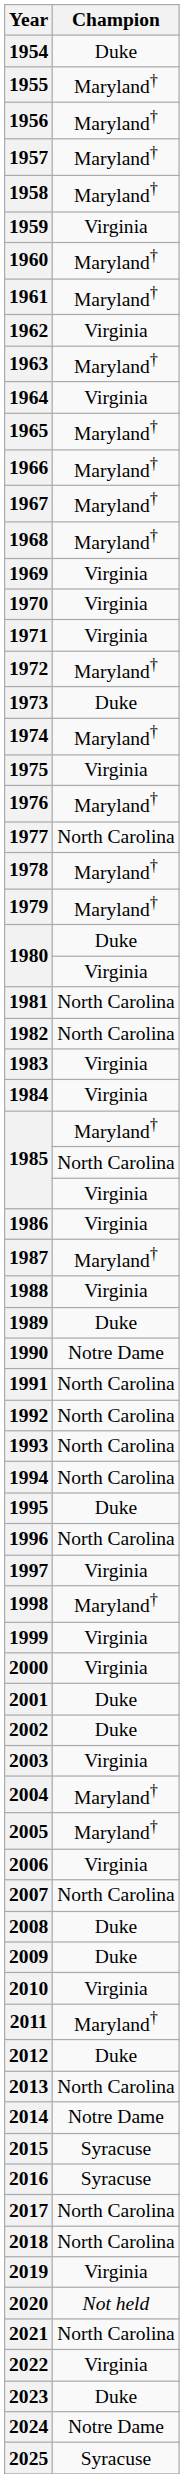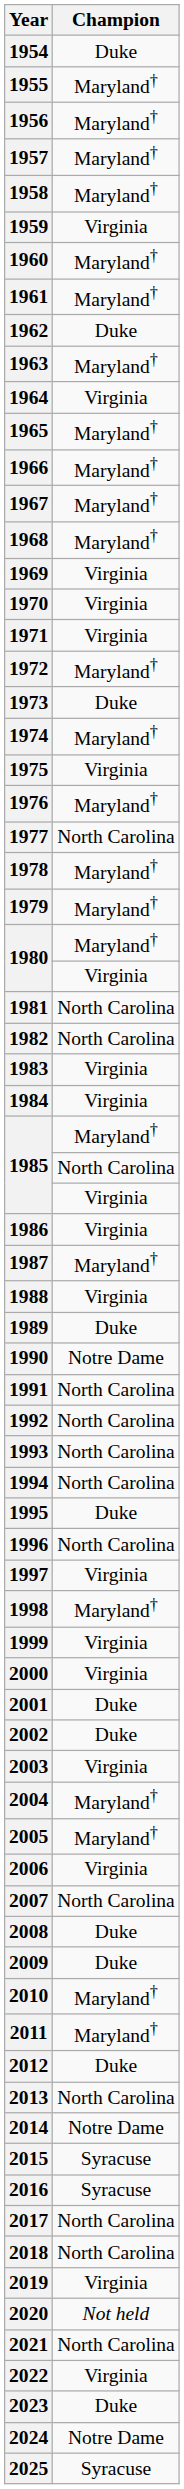 <table class="wikitable" style="text-align: center;">
 <tr>
 <th>Year</th>
 <th>Champion</th>
 </tr>
 <tr>
 <th>1954</th>
 <td>Duke</td>
 </tr>
 <tr>
 <th>1955</th>
 <td>Maryland<sup>†</sup></td>
 </tr>
 <tr>
 <th>1956</th>
 <td>Maryland<sup>†</sup></td>
 </tr>
 <tr>
 <th>1957</th>
 <td>Maryland<sup>†</sup></td>
 </tr>
 <tr>
 <th>1958</th>
 <td>Maryland<sup>†</sup></td>
 </tr>
 <tr>
 <th>1959</th>
 <td>Virginia</td>
 </tr>
 <tr>
 <th>1960</th>
 <td>Maryland<sup>†</sup></td>
 </tr>
 <tr>
 <th>1961</th>
 <td>Maryland<sup>†</sup></td>
 </tr>
 <tr>
 <th>1962</th>
-<td>Virginia</td>
+<td>Duke</td>
 </tr>
 <tr>
 <th>1963</th>
 <td>Maryland<sup>†</sup></td>
 </tr>
 <tr>
 <th>1964</th>
 <td>Virginia</td>
 </tr>
 <tr>
 <th>1965</th>
 <td>Maryland<sup>†</sup></td>
 </tr>
 <tr>
 <th>1966</th>
 <td>Maryland<sup>†</sup></td>
 </tr>
 <tr>
 <th>1967</th>
 <td>Maryland<sup>†</sup></td>
 </tr>
 <tr>
 <th>1968</th>
 <td>Maryland<sup>†</sup></td>
 </tr>
 <tr>
 <th>1969</th>
 <td>Virginia</td>
 </tr>
 <tr>
 <th>1970</th>
 <td>Virginia</td>
 </tr>
 <tr>
 <th>1971</th>
 <td>Virginia</td>
 </tr>
 <tr>
 <th>1972</th>
 <td>Maryland<sup>†</sup></td>
 </tr>
 <tr>
 <th>1973</th>
 <td>Duke</td>
 </tr>
 <tr>
 <th>1974</th>
 <td>Maryland<sup>†</sup></td>
 </tr>
 <tr>
 <th>1975</th>
 <td>Virginia</td>
 </tr>
 <tr>
 <th>1976</th>
 <td>Maryland<sup>†</sup></td>
 </tr>
 <tr>
 <th>1977</th>
 <td>North Carolina</td>
 </tr>
 <tr>
 <th>1978</th>
 <td>Maryland<sup>†</sup></td>
 </tr>
 <tr>
 <th>1979</th>
 <td>Maryland<sup>†</sup></td>
 </tr>
 <tr>
 <th rowspan="2">1980</th>
-<td>Duke</td>
+<td>Maryland<sup>†</sup></td>
 </tr>
 <tr>
 <td>Virginia</td>
 </tr>
 <tr>
 <th>1981</th>
 <td>North Carolina</td>
 </tr>
 <tr>
 <th>1982</th>
 <td>North Carolina</td>
 </tr>
 <tr>
 <th>1983</th>
 <td>Virginia</td>
 </tr>
 <tr>
 <th>1984</th>
 <td>Virginia</td>
 </tr>
 <tr>
 <th rowspan="3">1985</th>
 <td>Maryland<sup>†</sup></td>
 </tr>
 <tr>
 <td>North Carolina</td>
 </tr>
 <tr>
 <td>Virginia</td>
 </tr>
 <tr>
 <th>1986</th>
 <td>Virginia</td>
 </tr>
 <tr>
 <th>1987</th>
 <td>Maryland<sup>†</sup></td>
 </tr>
 <tr>
 <th>1988</th>
 <td>Virginia</td>
 </tr>
 <tr>
 <th>1989</th>
 <td>Duke</td>
 </tr>
 <tr>
 <th>1990</th>
 <td>Notre Dame</td>
 </tr>
 <tr>
 <th>1991</th>
 <td>North Carolina</td>
 </tr>
 <tr>
 <th>1992</th>
 <td>North Carolina</td>
 </tr>
 <tr>
 <th>1993</th>
 <td>North Carolina</td>
 </tr>
 <tr>
 <th>1994</th>
 <td>North Carolina</td>
 </tr>
 <tr>
 <th>1995</th>
 <td>Duke</td>
 </tr>
 <tr>
 <th>1996</th>
 <td>North Carolina</td>
 </tr>
 <tr>
 <th>1997</th>
 <td>Virginia</td>
 </tr>
 <tr>
 <th>1998</th>
 <td>Maryland<sup>†</sup></td>
 </tr>
 <tr>
 <th>1999</th>
 <td>Virginia</td>
 </tr>
 <tr>
 <th>2000</th>
 <td>Virginia</td>
 </tr>
 <tr>
 <th>2001</th>
 <td>Duke</td>
 </tr>
 <tr>
 <th>2002</th>
 <td>Duke</td>
 </tr>
 <tr>
 <th>2003</th>
 <td>Virginia</td>
 </tr>
 <tr>
 <th>2004</th>
 <td>Maryland<sup>†</sup></td>
 </tr>
 <tr>
 <th>2005</th>
 <td>Maryland<sup>†</sup></td>
 </tr>
 <tr>
 <th>2006</th>
 <td>Virginia</td>
 </tr>
 <tr>
 <th>2007</th>
 <td>North Carolina</td>
 </tr>
 <tr>
 <th>2008</th>
 <td>Duke</td>
 </tr>
 <tr>
 <th>2009</th>
 <td>Duke</td>
 </tr>
 <tr>
 <th>2010</th>
-<td>Virginia</td>
+<td>Maryland<sup>†</sup></td>
 </tr>
 <tr>
 <th>2011</th>
 <td>Maryland<sup>†</sup></td>
 </tr>
 <tr>
 <th>2012</th>
 <td>Duke</td>
 </tr>
 <tr>
 <th>2013</th>
 <td>North Carolina</td>
 </tr>
 <tr>
 <th>2014</th>
 <td>Notre Dame</td>
 </tr>
 <tr>
 <th>2015</th>
 <td>Syracuse</td>
 </tr>
 <tr>
 <th>2016</th>
 <td>Syracuse</td>
 </tr>
 <tr>
 <th>2017</th>
 <td>North Carolina</td>
 </tr>
 <tr>
 <th>2018</th>
 <td>North Carolina</td>
 </tr>
 <tr>
 <th>2019</th>
 <td>Virginia</td>
 </tr>
 <tr>
 <th>2020</th>
 <td><em>Not held</em></td>
 </tr>
 <tr>
 <th>2021</th>
 <td>North Carolina</td>
 </tr>
 <tr>
 <th>2022</th>
 <td>Virginia</td>
 </tr>
 <tr>
 <th>2023</th>
 <td>Duke</td>
 </tr>
 <tr>
 <th>2024</th>
 <td>Notre Dame</td>
 </tr>
 <tr>
 <th>2025</th>
 <td>Syracuse</td>
 </tr>
 </table>
